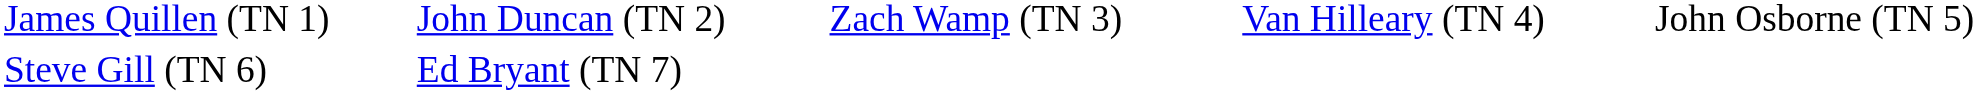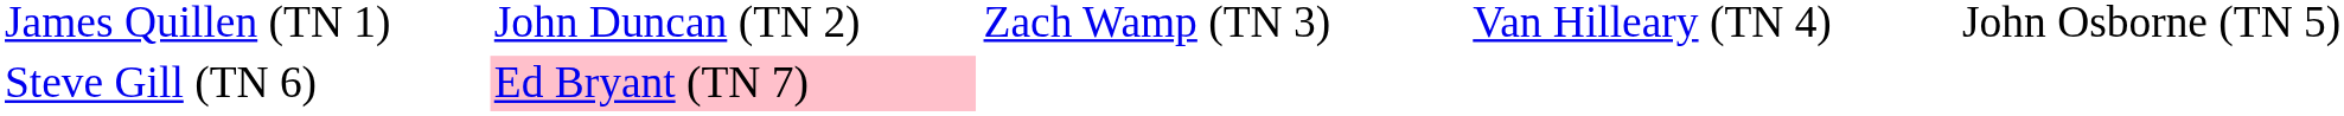 <table width="100%">
 <tr>
 <td width="20%"><a href='#'>James Quillen</a> (TN 1)</td>
 <td width="20%"><a href='#'>John Duncan</a> (TN 2)</td>
 <td width="20%"><a href='#'>Zach Wamp</a> (TN 3)</td>
 <td width="20%"><a href='#'>Van Hilleary</a> (TN 4)</td>
 <td width="20%">John Osborne (TN 5)</td>
 </tr>
 <tr>
 <td><a href='#'>Steve Gill</a> (TN 6)</td>
-<td><a href='#'>Ed Bryant</a> (TN 7)</td>
+<td style="background: pink;"><a href='#'>Ed Bryant</a> (TN 7)</td>
 </tr>
 </table>
